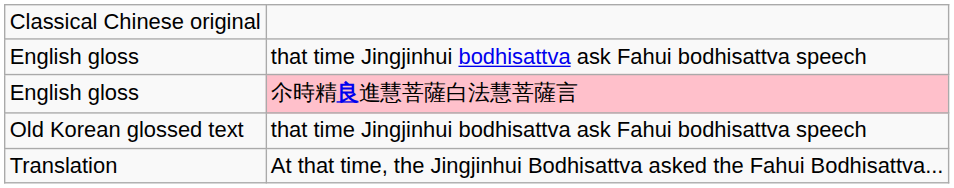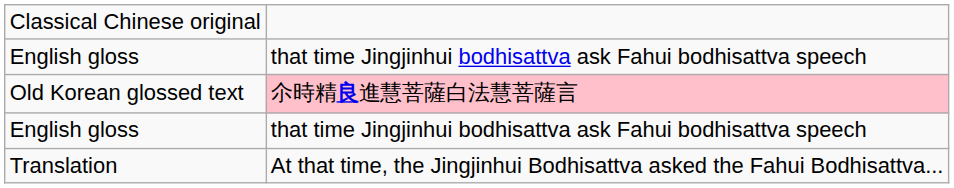 <table class="wikitable">
 <tr>
 <td>Classical Chinese original</td>
 <td></td>
 </tr>
 <tr>
 <td>English gloss</td>
 <td>that time Jingjinhui <a href='#'>bodhisattva</a> ask Fahui bodhisattva speech</td>
 </tr>
 <tr>
-<td>English gloss</td>
+<td>Old Korean glossed text</td>
 <td style="background: pink;">尒時精<strong><a href='#'>良</a></strong>進慧菩薩白法慧菩薩言</td>
 </tr>
 <tr>
-<td>Old Korean glossed text</td>
+<td>English gloss</td>
 <td>that time Jingjinhui bodhisattva ask Fahui bodhisattva speech</td>
 </tr>
 <tr>
 <td>Translation</td>
 <td>At that time, the Jingjinhui Bodhisattva asked the Fahui Bodhisattva...</td>
 </tr>
 </table>
